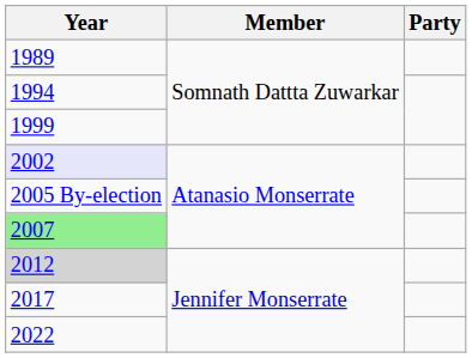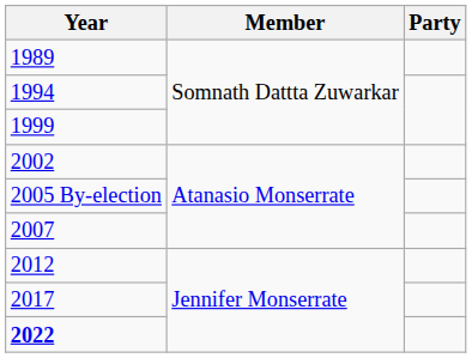 <table class="wikitable sortable">
 <tr>
 <th>Year</th>
 <th>Member</th>
 <th colspan="2">Party</th>
 </tr>
 <tr>
 <td><a href='#'>1989</a></td>
 <td rowspan=3>Somnath Dattta Zuwarkar</td>
 <td></td>
 </tr>
 <tr>
 <td><a href='#'>1994</a></td>
 </tr>
 <tr>
 <td><a href='#'>1999</a></td>
 </tr>
 <tr>
-<td style="background: lavender;"><a href='#'>2002</a></td>
+<td><a href='#'>2002</a></td>
 <td rowspan=3><a href='#'>Atanasio Monserrate</a></td>
 <td></td>
 </tr>
 <tr>
 <td><a href='#'>2005 By-election</a></td>
 <td></td>
 </tr>
 <tr>
-<td style="background: lightgreen;"><a href='#'>2007</a></td>
+<td><a href='#'>2007</a></td>
 <td></td>
 </tr>
 <tr>
-<td style="background: lightgrey;"><a href='#'>2012</a></td>
+<td><a href='#'>2012</a></td>
 <td rowspan=3><a href='#'>Jennifer Monserrate</a></td>
 <td></td>
 </tr>
 <tr>
 <td><a href='#'>2017</a></td>
 </tr>
 <tr>
-<td><a href='#'>2022</a></td>
+<td><strong><a href='#'>2022</a></strong></td>
 <td></td>
 </tr>
 </table>
